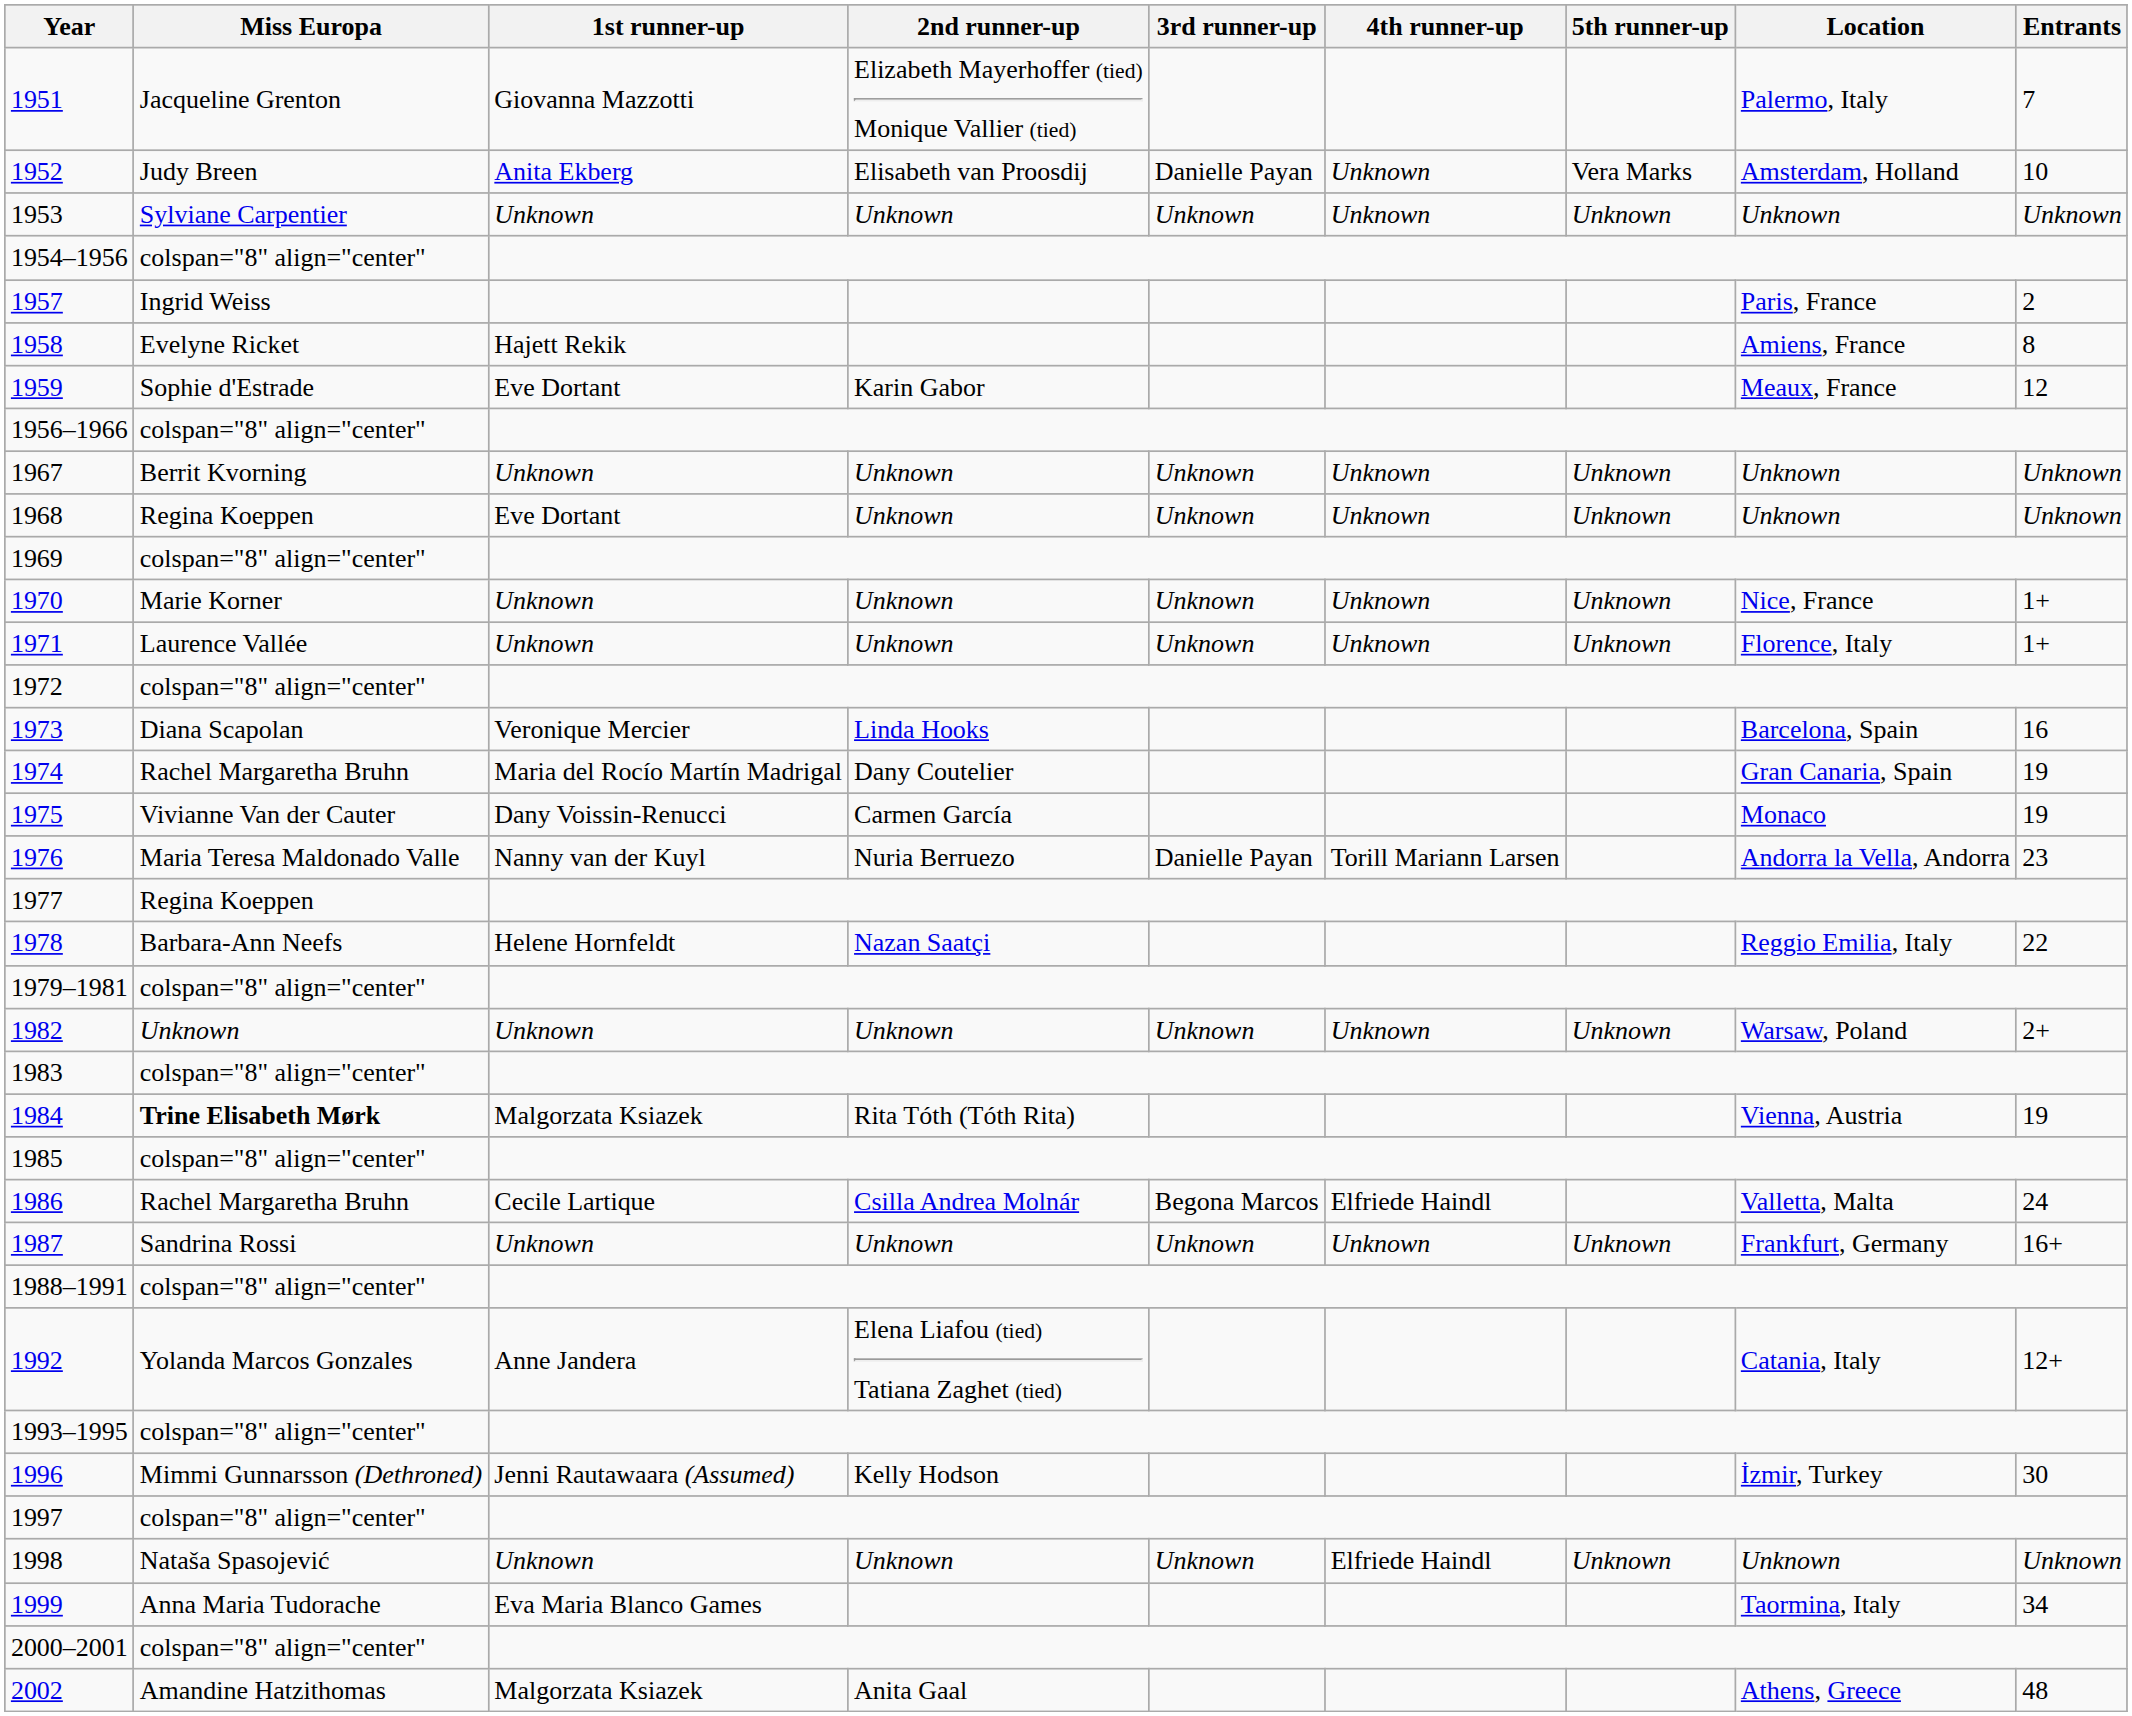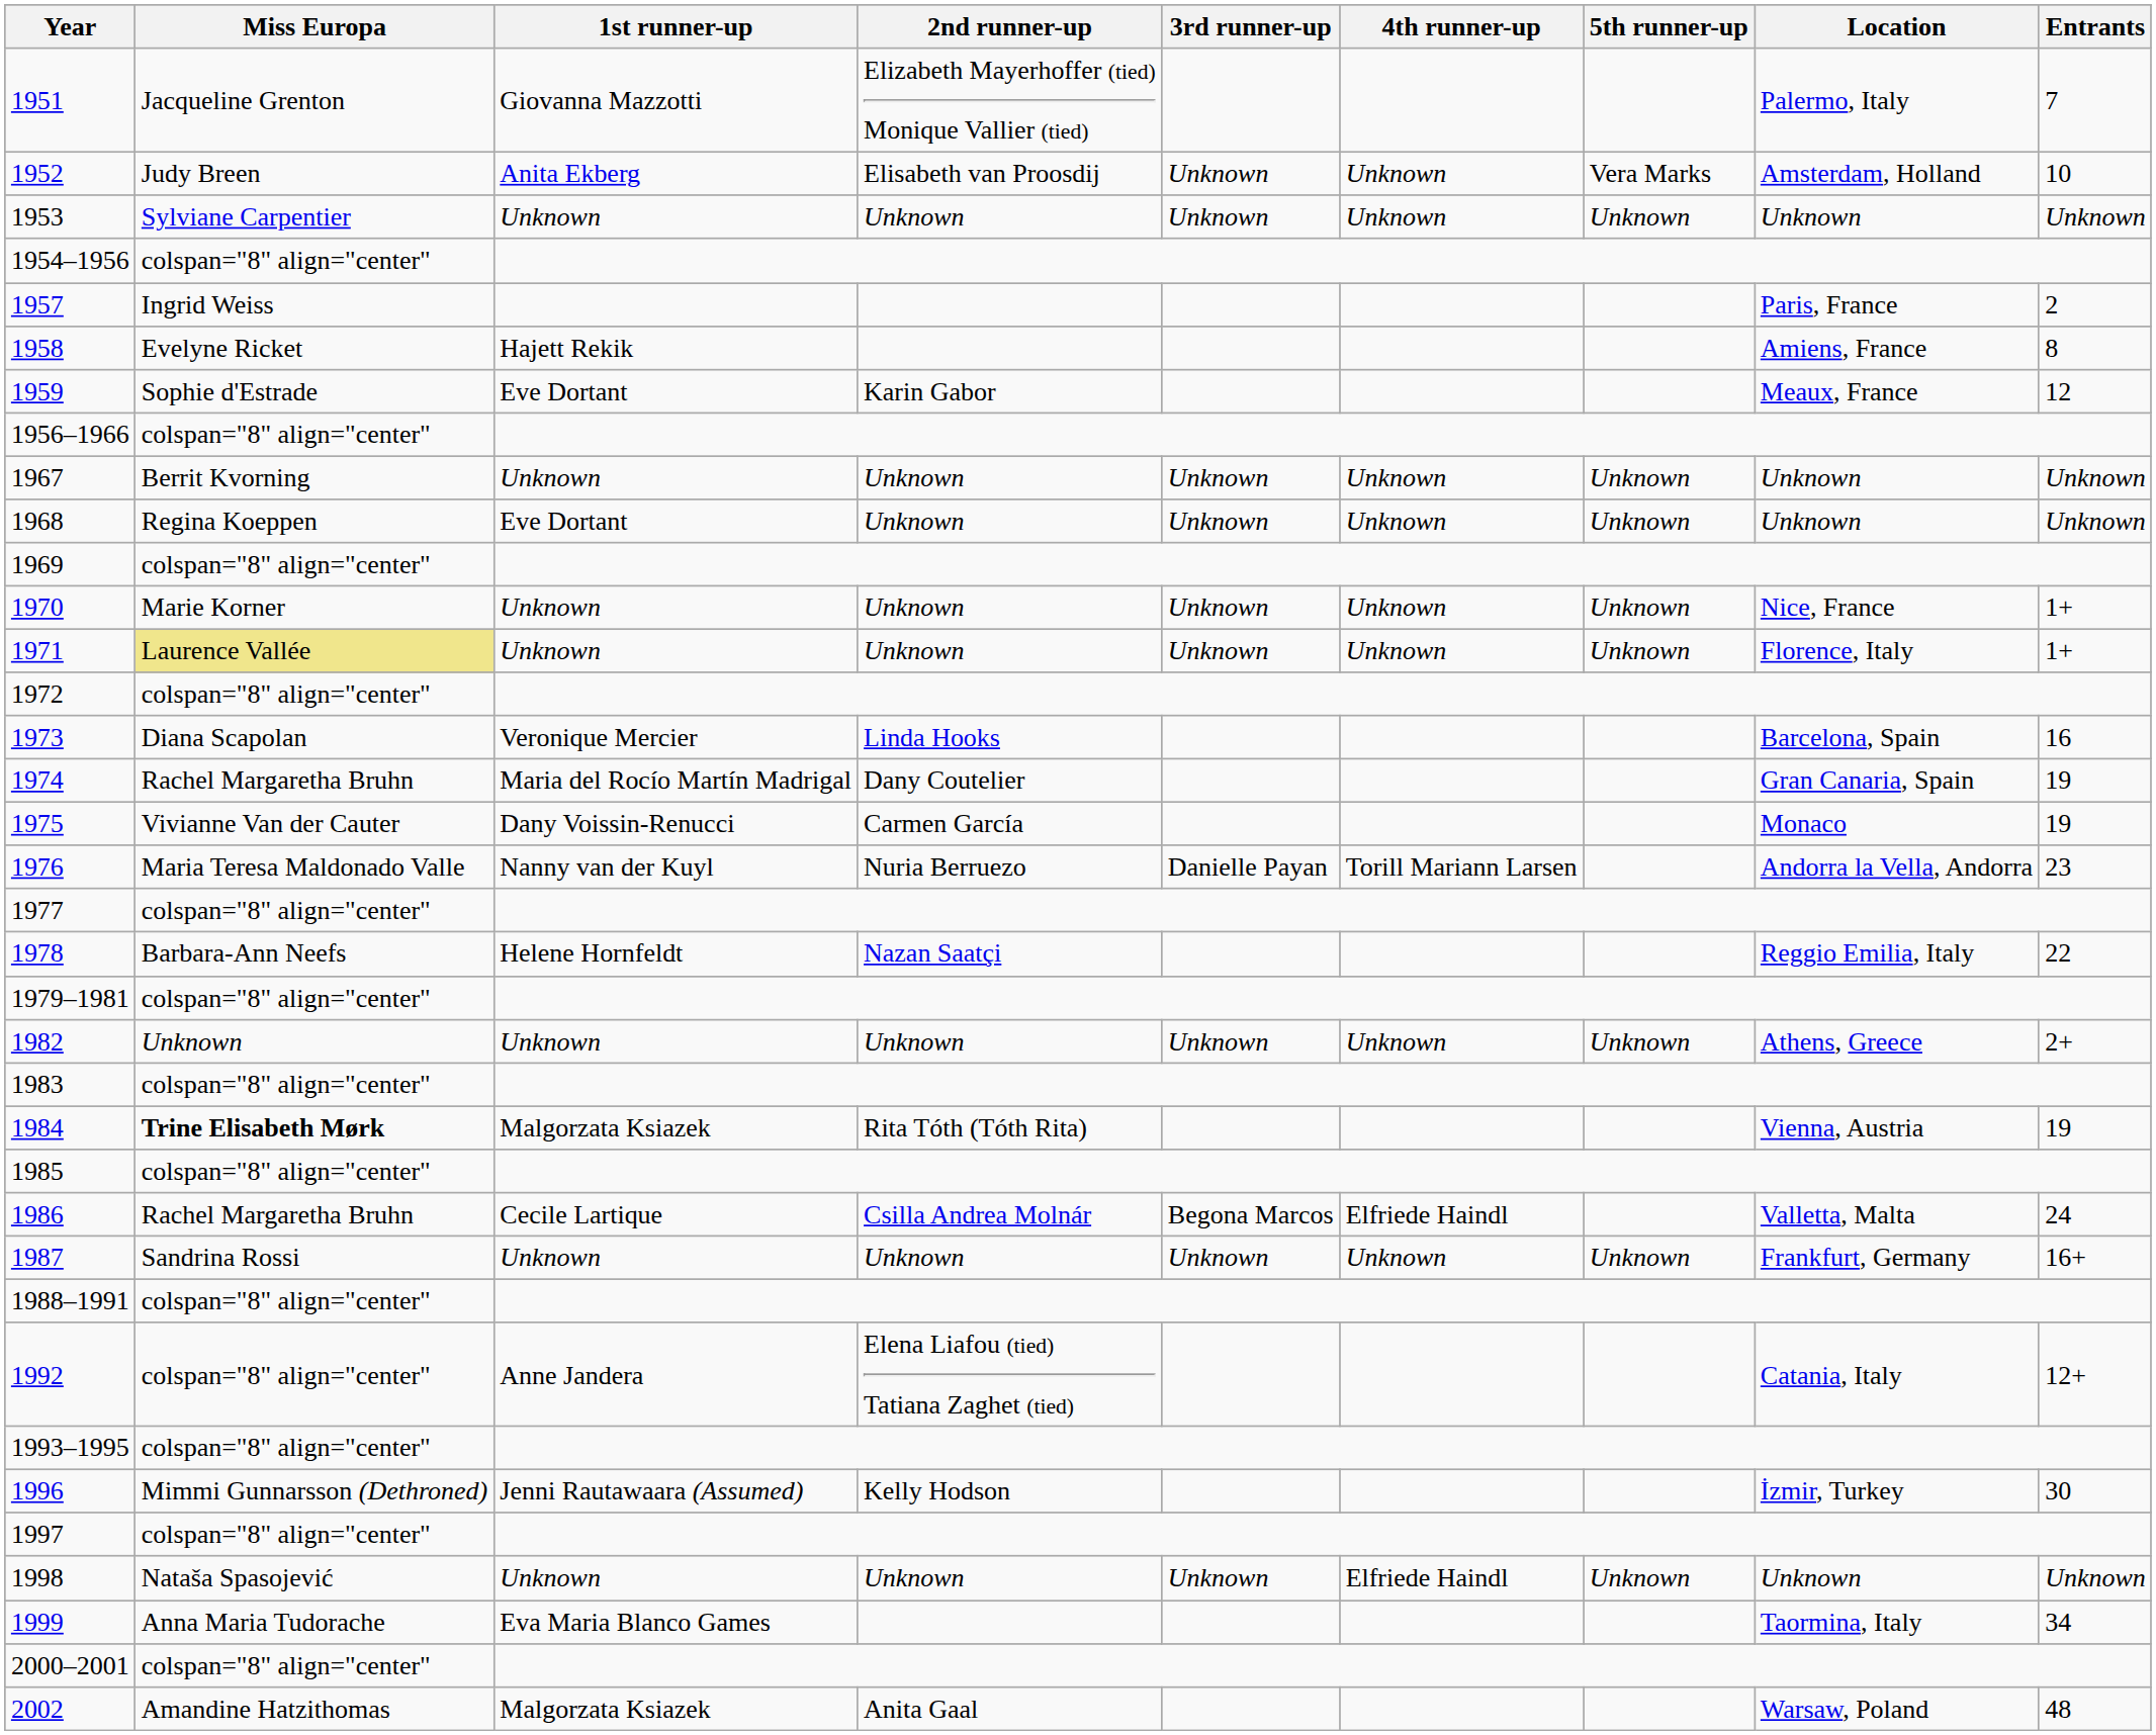 <table class="wikitable" style="font-size: 95%;">
 <tr>
 <th>Year</th>
 <th>Miss Europa</th>
 <th>1st runner-up</th>
 <th>2nd runner-up</th>
 <th>3rd runner-up</th>
 <th>4th runner-up</th>
 <th>5th runner-up</th>
 <th>Location</th>
 <th>Entrants</th>
 </tr>
 <tr>
 <td><a href='#'>1951</a></td>
 <td>Jacqueline Grenton<br></td>
 <td>Giovanna Mazzotti<br></td>
 <td>Elizabeth Mayerhoffer <small>(tied)</small><br><hr>Monique Vallier <small>(tied)</small><br></td>
 <td></td>
 <td></td>
 <td></td>
 <td><a href='#'>Palermo</a>, Italy</td>
 <td>7</td>
 </tr>
 <tr>
 <td><a href='#'>1952</a></td>
 <td>Judy Breen<br></td>
 <td><a href='#'>Anita Ekberg</a><br></td>
 <td>Elisabeth van Proosdij<br></td>
-<td>Danielle Payan<br></td>
+<td><em>Unknown</em></td>
 <td><em>Unknown</em></td>
 <td>Vera Marks<br></td>
 <td><a href='#'>Amsterdam</a>, Holland</td>
 <td>10</td>
 </tr>
 <tr>
 <td>1953</td>
 <td><a href='#'>Sylviane Carpentier</a><br></td>
 <td><em>Unknown</em></td>
 <td><em>Unknown</em></td>
 <td><em>Unknown</em></td>
 <td><em>Unknown</em></td>
 <td><em>Unknown</em></td>
 <td><em>Unknown</em></td>
 <td><em>Unknown</em></td>
 </tr>
 <tr>
 <td>1954–1956</td>
 <td>colspan="8" align="center" </td>
 </tr>
 <tr>
 <td><a href='#'>1957</a></td>
 <td>Ingrid Weiss<br></td>
 <td></td>
 <td></td>
 <td></td>
 <td></td>
 <td></td>
 <td><a href='#'>Paris</a>, France</td>
 <td>2</td>
 </tr>
 <tr>
 <td><a href='#'>1958</a></td>
 <td>Evelyne Ricket<br></td>
 <td>Hajett Rekik<br></td>
 <td></td>
 <td></td>
 <td></td>
 <td></td>
 <td><a href='#'>Amiens</a>, France</td>
 <td>8</td>
 </tr>
 <tr>
 <td><a href='#'>1959</a></td>
 <td>Sophie d'Estrade<br></td>
 <td>Eve Dortant<br></td>
 <td>Karin Gabor<br></td>
 <td></td>
 <td></td>
 <td></td>
 <td><a href='#'>Meaux</a>, France</td>
 <td>12</td>
 </tr>
 <tr>
 <td>1956–1966</td>
 <td>colspan="8" align="center" </td>
 </tr>
 <tr>
 <td>1967</td>
 <td>Berrit Kvorning<br></td>
 <td><em>Unknown</em></td>
 <td><em>Unknown</em></td>
 <td><em>Unknown</em></td>
 <td><em>Unknown</em></td>
 <td><em>Unknown</em></td>
 <td><em>Unknown</em></td>
 <td><em>Unknown</em></td>
 </tr>
 <tr>
 <td>1968</td>
 <td>Regina Koeppen<br></td>
 <td>Eve Dortant<br></td>
 <td><em>Unknown</em></td>
 <td><em>Unknown</em></td>
 <td><em>Unknown</em></td>
 <td><em>Unknown</em></td>
 <td><em>Unknown</em></td>
 <td><em>Unknown</em></td>
 </tr>
 <tr>
 <td>1969</td>
 <td>colspan="8" align="center" </td>
 </tr>
 <tr>
 <td><a href='#'>1970</a></td>
 <td>Marie Korner<br></td>
 <td><em>Unknown</em></td>
 <td><em>Unknown</em></td>
 <td><em>Unknown</em></td>
 <td><em>Unknown</em></td>
 <td><em>Unknown</em></td>
 <td><a href='#'>Nice</a>, France</td>
 <td>1+</td>
 </tr>
 <tr>
 <td><a href='#'>1971</a></td>
-<td>Laurence Vallée<br></td>
+<td style="background: khaki;">Laurence Vallée<br></td>
 <td><em>Unknown</em></td>
 <td><em>Unknown</em></td>
 <td><em>Unknown</em></td>
 <td><em>Unknown</em></td>
 <td><em>Unknown</em></td>
 <td><a href='#'>Florence</a>, Italy</td>
 <td>1+</td>
 </tr>
 <tr>
 <td>1972</td>
 <td>colspan="8" align="center" </td>
 </tr>
 <tr>
 <td><a href='#'>1973</a></td>
 <td>Diana Scapolan<br></td>
 <td>Veronique Mercier<br></td>
 <td><a href='#'>Linda Hooks</a><br></td>
 <td></td>
 <td></td>
 <td></td>
 <td><a href='#'>Barcelona</a>, Spain</td>
 <td>16</td>
 </tr>
 <tr>
 <td><a href='#'>1974</a></td>
 <td>Rachel Margaretha Bruhn<br></td>
 <td>Maria del Rocío Martín Madrigal<br></td>
 <td>Dany Coutelier<br></td>
 <td></td>
 <td></td>
 <td></td>
 <td><a href='#'>Gran Canaria</a>, Spain</td>
 <td>19</td>
 </tr>
 <tr>
 <td><a href='#'>1975</a></td>
 <td>Vivianne Van der Cauter<br></td>
 <td>Dany Voissin-Renucci<br></td>
 <td>Carmen García<br></td>
 <td></td>
 <td></td>
 <td></td>
 <td><a href='#'>Monaco</a></td>
 <td>19</td>
 </tr>
 <tr>
 <td><a href='#'>1976</a></td>
 <td>Maria Teresa Maldonado Valle<br></td>
 <td>Nanny van der Kuyl<br></td>
 <td>Nuria Berruezo<br></td>
 <td>Danielle Payan<br></td>
 <td>Torill Mariann Larsen<br></td>
 <td></td>
 <td><a href='#'>Andorra la Vella</a>, Andorra</td>
 <td>23</td>
 </tr>
 <tr>
 <td>1977</td>
-<td>Regina Koeppen<br></td>
+<td>colspan="8" align="center" </td>
 </tr>
 <tr>
 <td><a href='#'>1978</a></td>
 <td>Barbara-Ann Neefs<br></td>
 <td>Helene Hornfeldt<br></td>
 <td><a href='#'>Nazan Saatçi</a><br></td>
 <td></td>
 <td></td>
 <td></td>
 <td><a href='#'>Reggio Emilia</a>, Italy</td>
 <td>22</td>
 </tr>
 <tr>
 <td>1979–1981</td>
 <td>colspan="8" align="center" </td>
 </tr>
 <tr>
 <td><a href='#'>1982</a></td>
 <td><em>Unknown</em></td>
 <td><em>Unknown</em></td>
 <td><em>Unknown</em></td>
 <td><em>Unknown</em></td>
 <td><em>Unknown</em></td>
 <td><em>Unknown</em></td>
-<td><a href='#'>Warsaw</a>, Poland</td>
+<td><a href='#'>Athens</a>, <a href='#'>Greece</a></td>
 <td>2+</td>
 </tr>
 <tr>
 <td>1983</td>
 <td>colspan="8" align="center" </td>
 </tr>
 <tr>
 <td><a href='#'>1984</a></td>
 <td><strong>Trine Elisabeth Mørk<br></strong></td>
 <td>Malgorzata Ksiazek<br></td>
 <td>Rita Tóth (Tóth Rita)<br></td>
 <td></td>
 <td></td>
 <td></td>
 <td><a href='#'>Vienna</a>, Austria</td>
 <td>19</td>
 </tr>
 <tr>
 <td>1985</td>
 <td>colspan="8" align="center" </td>
 </tr>
 <tr>
 <td><a href='#'>1986</a></td>
 <td>Rachel Margaretha Bruhn<br></td>
 <td>Cecile Lartique<br></td>
 <td><a href='#'>Csilla Andrea Molnár</a><br></td>
 <td>Begona Marcos<br></td>
 <td>Elfriede Haindl<br></td>
 <td></td>
 <td><a href='#'>Valletta</a>, Malta</td>
 <td>24</td>
 </tr>
 <tr>
 <td><a href='#'>1987</a></td>
 <td>Sandrina Rossi<br></td>
 <td><em>Unknown</em></td>
 <td><em>Unknown</em></td>
 <td><em>Unknown</em></td>
 <td><em>Unknown</em></td>
 <td><em>Unknown</em></td>
 <td><a href='#'>Frankfurt</a>, Germany</td>
 <td>16+</td>
 </tr>
 <tr>
 <td>1988–1991</td>
 <td>colspan="8" align="center" </td>
 </tr>
 <tr>
 <td><a href='#'>1992</a></td>
-<td>Yolanda Marcos Gonzales<br></td>
+<td>colspan="8" align="center" </td>
 <td>Anne Jandera<br></td>
 <td>Elena Liafou <small>(tied)</small><br><hr>Tatiana Zaghet <small>(tied)</small><br></td>
 <td></td>
 <td></td>
 <td></td>
 <td><a href='#'>Catania</a>, Italy</td>
 <td>12+</td>
 </tr>
 <tr>
 <td>1993–1995</td>
 <td>colspan="8" align="center" </td>
 </tr>
 <tr>
 <td><a href='#'>1996</a></td>
 <td>Mimmi Gunnarsson <em>(Dethroned)</em><br></td>
 <td>Jenni Rautawaara <em>(Assumed)</em><br></td>
 <td>Kelly Hodson<br></td>
 <td></td>
 <td></td>
 <td></td>
 <td><a href='#'>İzmir</a>, Turkey</td>
 <td>30</td>
 </tr>
 <tr>
 <td>1997</td>
 <td>colspan="8" align="center" </td>
 </tr>
 <tr>
 <td>1998</td>
 <td>Nataša Spasojević<br></td>
 <td><em>Unknown</em></td>
 <td><em>Unknown</em></td>
 <td><em>Unknown</em></td>
 <td>Elfriede Haindl<br></td>
 <td><em>Unknown</em></td>
 <td><em>Unknown</em></td>
 <td><em>Unknown</em></td>
 </tr>
 <tr>
 <td><a href='#'>1999</a></td>
 <td>Anna Maria Tudorache<br></td>
 <td>Eva Maria Blanco Games<br></td>
 <td></td>
 <td></td>
 <td></td>
 <td></td>
 <td><a href='#'>Taormina</a>, Italy</td>
 <td>34</td>
 </tr>
 <tr>
 <td>2000–2001</td>
 <td>colspan="8" align="center" </td>
 </tr>
 <tr>
 <td><a href='#'>2002</a></td>
 <td>Amandine Hatzithomas<br></td>
 <td>Malgorzata Ksiazek<br></td>
 <td>Anita Gaal<br></td>
 <td></td>
 <td></td>
 <td></td>
-<td><a href='#'>Athens</a>, <a href='#'>Greece</a></td>
+<td><a href='#'>Warsaw</a>, Poland</td>
 <td>48</td>
 </tr>
 </table>
